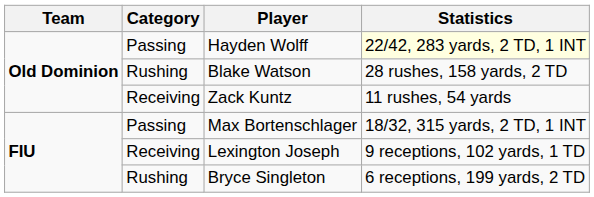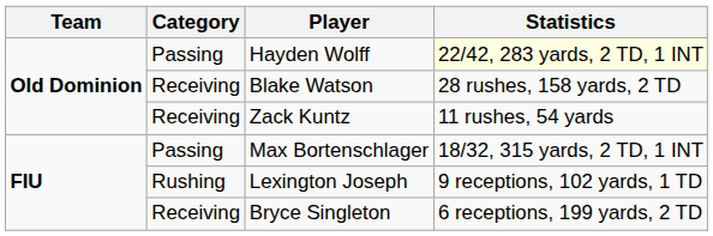 <table class="wikitable" style="float: left;">
 <tr>
 <th>Team</th>
 <th>Category</th>
 <th>Player</th>
 <th>Statistics</th>
 </tr>
 <tr>
 <td rowspan=3><strong>Old Dominion</strong></td>
 <td>Passing</td>
 <td>Hayden Wolff</td>
 <td style="background: lightyellow;">22/42, 283 yards, 2 TD, 1 INT</td>
 </tr>
 <tr>
-<td>Rushing</td>
+<td>Receiving</td>
 <td>Blake Watson</td>
 <td>28 rushes, 158 yards, 2 TD</td>
 </tr>
 <tr>
 <td>Receiving</td>
 <td>Zack Kuntz</td>
 <td>11 rushes, 54 yards</td>
 </tr>
 <tr>
 <td rowspan=3><strong>FIU</strong></td>
 <td>Passing</td>
 <td>Max Bortenschlager</td>
 <td>18/32, 315 yards, 2 TD, 1 INT</td>
 </tr>
 <tr>
-<td>Receiving</td>
+<td>Rushing</td>
 <td>Lexington Joseph</td>
 <td>9 receptions, 102 yards, 1 TD</td>
 </tr>
 <tr>
-<td>Rushing</td>
+<td>Receiving</td>
 <td>Bryce Singleton</td>
 <td>6 receptions, 199 yards, 2 TD</td>
 </tr>
 </table>
